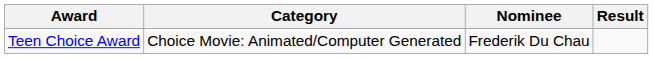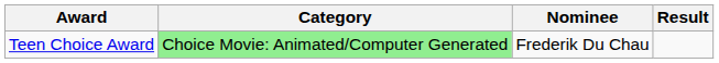 <table class="wikitable sortable">
 <tr>
 <th>Award</th>
 <th>Category</th>
 <th>Nominee</th>
 <th>Result</th>
 </tr>
 <tr>
 <td rowspan="2"><a href='#'>Teen Choice Award</a></td>
-<td>Choice Movie: Animated/Computer Generated</td>
+<td style="background: lightgreen;">Choice Movie: Animated/Computer Generated</td>
 <td>Frederik Du Chau</td>
 <td></td>
 </tr>
 </table>
